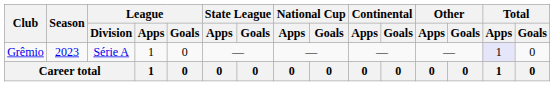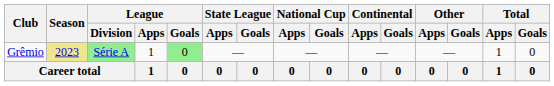 <table class="wikitable" style="text-align:center">
 <tr>
 <th rowspan="2">Club</th>
 <th rowspan="2">Season</th>
 <th colspan="3">League</th>
 <th colspan="2">State League</th>
 <th colspan="2">National Cup</th>
 <th colspan="2">Continental</th>
 <th colspan="2">Other</th>
 <th colspan="2">Total</th>
 </tr>
 <tr>
 <th>Division</th>
 <th>Apps</th>
 <th>Goals</th>
 <th>Apps</th>
 <th>Goals</th>
 <th>Apps</th>
 <th>Goals</th>
 <th>Apps</th>
 <th>Goals</th>
 <th>Apps</th>
 <th>Goals</th>
 <th>Apps</th>
 <th>Goals</th>
 </tr>
 <tr>
 <td><a href='#'>Grêmio</a></td>
-<td><a href='#'>2023</a></td>
-<td><a href='#'>Série A</a></td>
+<td style="background: khaki;"><a href='#'>2023</a></td>
+<td style="background: lightgreen;"><a href='#'>Série A</a></td>
 <td>1</td>
-<td>0</td>
+<td style="background: lightgreen;">0</td>
 <td colspan="2">—</td>
 <td colspan="2">—</td>
 <td colspan="2">—</td>
 <td colspan="2">—</td>
-<td style="background: lavender;">1</td>
+<td>1</td>
 <td>0</td>
 </tr>
 <tr>
 <th colspan="3">Career total</th>
 <th>1</th>
 <th>0</th>
 <th>0</th>
 <th>0</th>
 <th>0</th>
 <th>0</th>
 <th>0</th>
 <th>0</th>
 <th>0</th>
 <th>0</th>
 <th>1</th>
 <th>0</th>
 </tr>
 </table>
